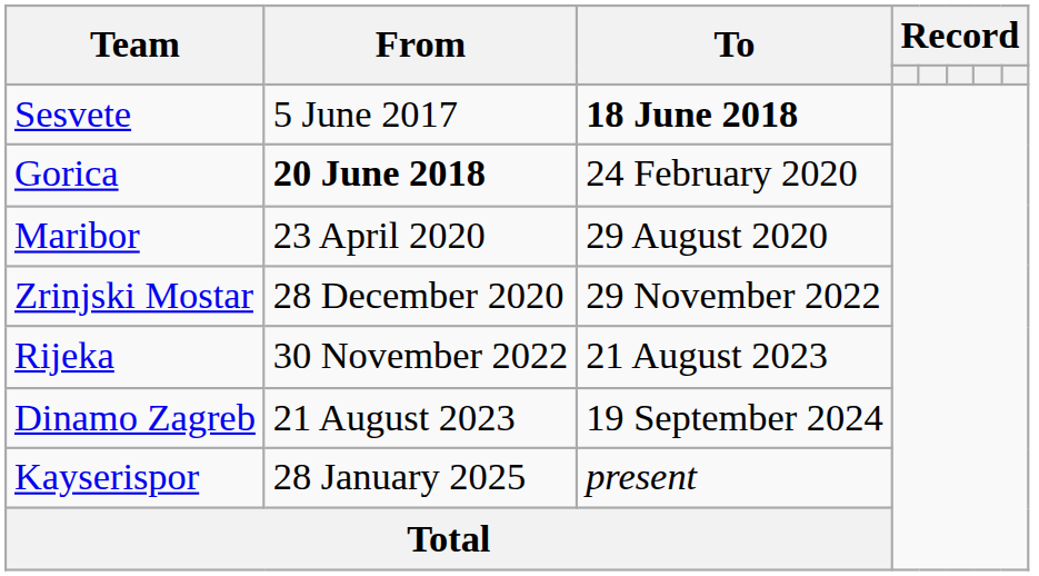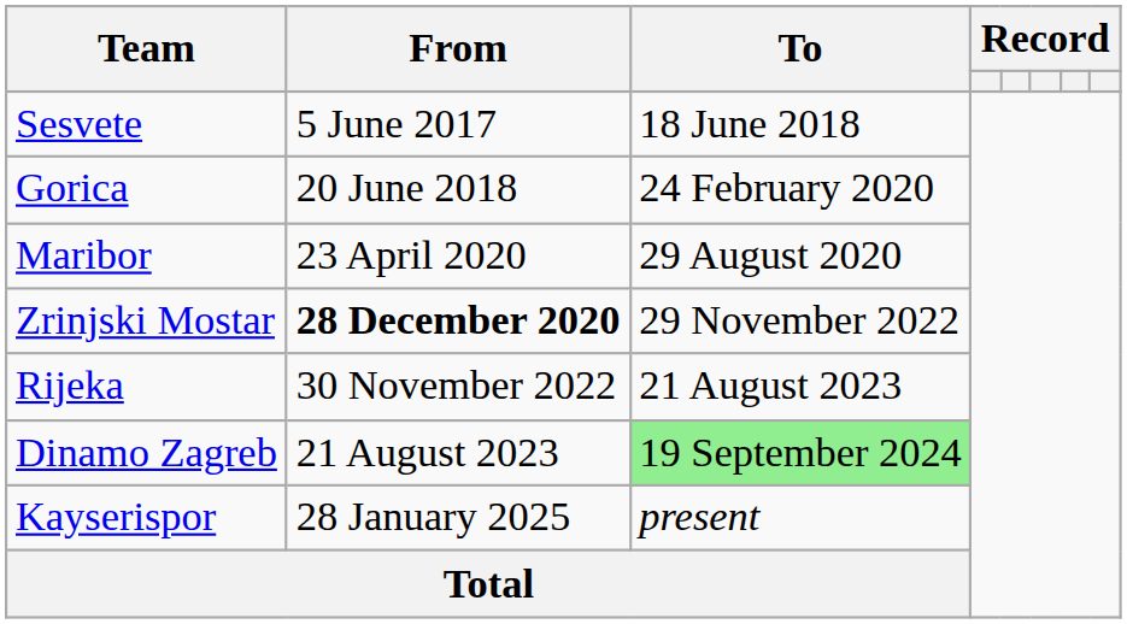 <table class="wikitable" style="text-align:center">
 <tr>
 <th rowspan="2">Team</th>
 <th rowspan="2">From</th>
 <th rowspan="2">To</th>
 <th colspan="8">Record</th>
 </tr>
 <tr>
 <th></th>
 <th></th>
 <th></th>
 <th></th>
 <th></th>
 </tr>
 <tr>
 <td align=left><a href='#'>Sesvete</a></td>
 <td align=left>5 June 2017</td>
-<td align=left><strong>18 June 2018<br></strong></td>
+<td align=left>18 June 2018<br></td>
 </tr>
 <tr>
 <td align=left><a href='#'>Gorica</a></td>
-<td align=left><strong>20 June 2018</strong></td>
+<td align=left>20 June 2018</td>
 <td align=left>24 February 2020<br></td>
 </tr>
 <tr>
 <td align=left><a href='#'>Maribor</a></td>
 <td align=left>23 April 2020</td>
 <td align=left>29 August 2020<br></td>
 </tr>
 <tr>
 <td align=left><a href='#'>Zrinjski Mostar</a></td>
-<td align=left>28 December 2020</td>
+<td align=left><strong>28 December 2020</strong></td>
 <td align=left>29 November 2022<br></td>
 </tr>
 <tr>
 <td align=left><a href='#'>Rijeka</a></td>
 <td align=left>30 November 2022</td>
 <td align=left>21 August 2023<br></td>
 </tr>
 <tr>
 <td align=left><a href='#'>Dinamo Zagreb</a></td>
 <td align=left>21 August 2023</td>
-<td align=left>19 September 2024<br></td>
+<td align=left style="background: lightgreen;">19 September 2024<br></td>
 </tr>
 <tr>
 <td align=left><a href='#'>Kayserispor</a></td>
 <td align=left>28 January 2025</td>
 <td align=left><em>present</em><br></td>
 </tr>
 <tr>
 <th colspan="3">Total<br></th>
 </tr>
 </table>
